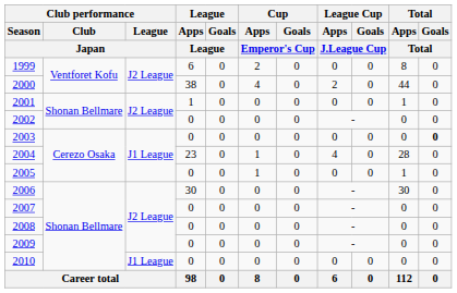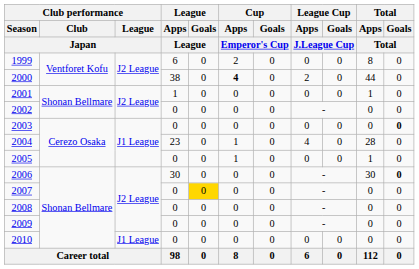 <table class="wikitable" style="text-align:center">
 <tr>
 <th colspan=3>Club performance</th>
 <th colspan=2>League</th>
 <th colspan=2>Cup</th>
 <th colspan=2>League Cup</th>
 <th colspan=2>Total</th>
 </tr>
 <tr>
 <th>Season</th>
 <th>Club</th>
 <th>League</th>
 <th>Apps</th>
 <th>Goals</th>
 <th>Apps</th>
 <th>Goals</th>
 <th>Apps</th>
 <th>Goals</th>
 <th>Apps</th>
 <th>Goals</th>
 </tr>
 <tr>
 <th colspan=3>Japan</th>
 <th colspan=2>League</th>
 <th colspan=2><a href='#'>Emperor's Cup</a></th>
 <th colspan=2><a href='#'>J.League Cup</a></th>
 <th colspan=2>Total</th>
 </tr>
 <tr>
 <td><a href='#'>1999</a></td>
 <td rowspan="2"><a href='#'>Ventforet Kofu</a></td>
 <td rowspan="2"><a href='#'>J2 League</a></td>
 <td>6</td>
 <td>0</td>
 <td>2</td>
 <td>0</td>
 <td>0</td>
 <td>0</td>
 <td>8</td>
 <td>0</td>
 </tr>
 <tr>
 <td><a href='#'>2000</a></td>
 <td>38</td>
 <td>0</td>
-<td>4</td>
+<td><strong>4</strong></td>
 <td>0</td>
 <td>2</td>
 <td>0</td>
 <td>44</td>
 <td>0</td>
 </tr>
 <tr>
 <td><a href='#'>2001</a></td>
 <td rowspan="2"><a href='#'>Shonan Bellmare</a></td>
 <td rowspan="2"><a href='#'>J2 League</a></td>
 <td>1</td>
 <td>0</td>
 <td>0</td>
 <td>0</td>
 <td>0</td>
 <td>0</td>
 <td>1</td>
 <td>0</td>
 </tr>
 <tr>
 <td><a href='#'>2002</a></td>
 <td>0</td>
 <td>0</td>
 <td>0</td>
 <td>0</td>
 <td colspan="2">-</td>
 <td>0</td>
 <td>0</td>
 </tr>
 <tr>
 <td><a href='#'>2003</a></td>
 <td rowspan="3"><a href='#'>Cerezo Osaka</a></td>
 <td rowspan="3"><a href='#'>J1 League</a></td>
 <td>0</td>
 <td>0</td>
 <td>0</td>
 <td>0</td>
 <td>0</td>
 <td>0</td>
 <td>0</td>
 <td><strong>0</strong></td>
 </tr>
 <tr>
 <td><a href='#'>2004</a></td>
 <td>23</td>
 <td>0</td>
 <td>1</td>
 <td>0</td>
 <td>4</td>
 <td>0</td>
 <td>28</td>
 <td>0</td>
 </tr>
 <tr>
 <td><a href='#'>2005</a></td>
 <td>0</td>
 <td>0</td>
 <td>1</td>
 <td>0</td>
 <td>0</td>
 <td>0</td>
 <td>1</td>
 <td>0</td>
 </tr>
 <tr>
 <td><a href='#'>2006</a></td>
 <td rowspan="5"><a href='#'>Shonan Bellmare</a></td>
 <td rowspan="4"><a href='#'>J2 League</a></td>
 <td>30</td>
 <td>0</td>
 <td>0</td>
 <td>0</td>
 <td colspan="2">-</td>
 <td>30</td>
-<td>0</td>
+<td><strong>0</strong></td>
 </tr>
 <tr>
 <td><a href='#'>2007</a></td>
 <td>0</td>
-<td>0</td>
+<td style="background: gold;">0</td>
 <td>0</td>
 <td>0</td>
 <td colspan="2">-</td>
 <td>0</td>
 <td>0</td>
 </tr>
 <tr>
 <td><a href='#'>2008</a></td>
 <td>0</td>
 <td>0</td>
 <td>0</td>
 <td>0</td>
 <td colspan="2">-</td>
 <td>0</td>
 <td>0</td>
 </tr>
 <tr>
 <td><a href='#'>2009</a></td>
 <td>0</td>
 <td>0</td>
 <td>0</td>
 <td>0</td>
 <td colspan="2">-</td>
 <td>0</td>
 <td>0</td>
 </tr>
 <tr>
 <td><a href='#'>2010</a></td>
 <td><a href='#'>J1 League</a></td>
 <td>0</td>
 <td>0</td>
 <td>0</td>
 <td>0</td>
 <td>0</td>
 <td>0</td>
 <td>0</td>
 <td>0</td>
 </tr>
 <tr>
 <th colspan=3>Career total</th>
 <th>98</th>
 <th>0</th>
 <th>8</th>
 <th>0</th>
 <th>6</th>
 <th>0</th>
 <th>112</th>
 <th>0</th>
 </tr>
 </table>
